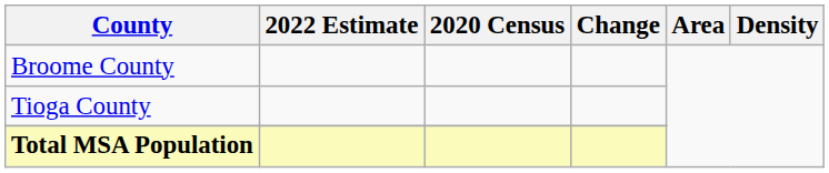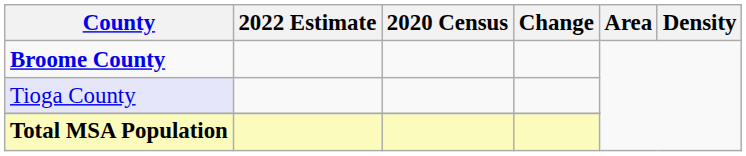 <table class="wikitable sortable">
 <tr>
 <th><a href='#'>County</a></th>
 <th>2022 Estimate</th>
 <th>2020 Census</th>
 <th>Change</th>
 <th>Area</th>
 <th>Density</th>
 </tr>
 <tr>
-<td><a href='#'>Broome County</a></td>
+<td><strong><a href='#'>Broome County</a></strong></td>
 <td></td>
 <td></td>
 <td></td>
 </tr>
 <tr>
-<td><a href='#'>Tioga County</a></td>
+<td style="background: lavender;"><a href='#'>Tioga County</a></td>
 <td></td>
 <td></td>
 <td></td>
 </tr>
 <tr>
 </tr>
 <tr class=sortbottom style="background:#fbfbbb">
 <td><strong>Total MSA Population</strong></td>
 <td></td>
 <td></td>
 <td></td>
 </tr>
 </table>
